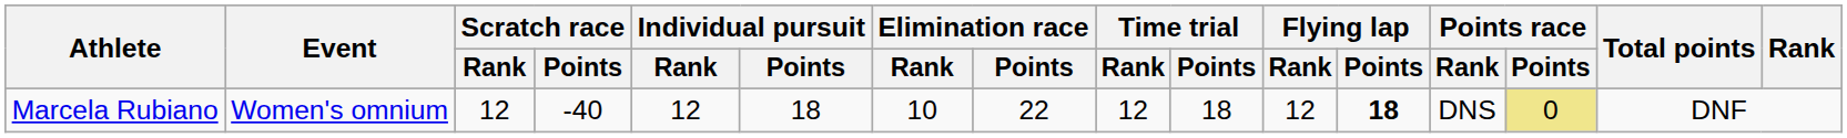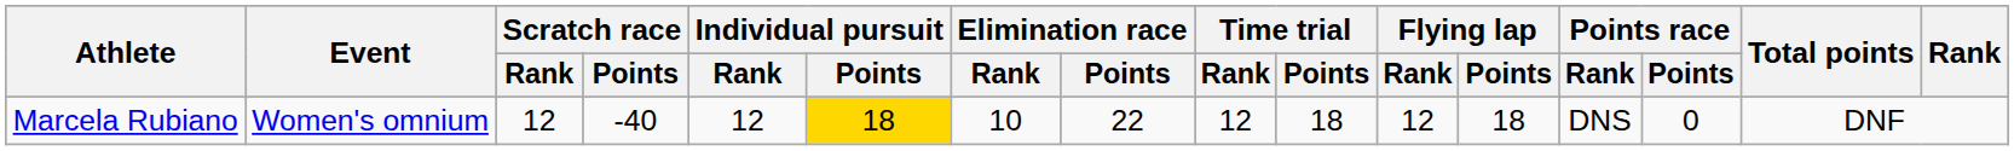 <table class="wikitable" style="font-size:90%">
 <tr>
 <th rowspan=2>Athlete</th>
 <th rowspan=2>Event</th>
 <th colspan=2>Scratch race</th>
 <th colspan=2>Individual pursuit</th>
 <th colspan=2>Elimination race</th>
 <th colspan=2>Time trial</th>
 <th colspan=2>Flying lap</th>
 <th colspan=2>Points race</th>
 <th rowspan=2>Total points</th>
 <th rowspan=2>Rank</th>
 </tr>
 <tr style="font-size:95%">
 <th>Rank</th>
 <th>Points</th>
 <th>Rank</th>
 <th>Points</th>
 <th>Rank</th>
 <th>Points</th>
 <th>Rank</th>
 <th>Points</th>
 <th>Rank</th>
 <th>Points</th>
 <th>Rank</th>
 <th>Points</th>
 </tr>
 <tr align=center>
 <td align=left><a href='#'>Marcela Rubiano</a></td>
 <td align=left><a href='#'>Women's omnium</a></td>
 <td>12</td>
 <td>-40</td>
 <td>12</td>
-<td>18</td>
+<td style="background: gold;">18</td>
 <td>10</td>
 <td>22</td>
 <td>12</td>
 <td>18</td>
 <td>12</td>
-<td><strong>18</strong></td>
+<td>18</td>
 <td>DNS</td>
-<td style="background: khaki;">0</td>
+<td>0</td>
 <td colspan=2>DNF</td>
 </tr>
 </table>
